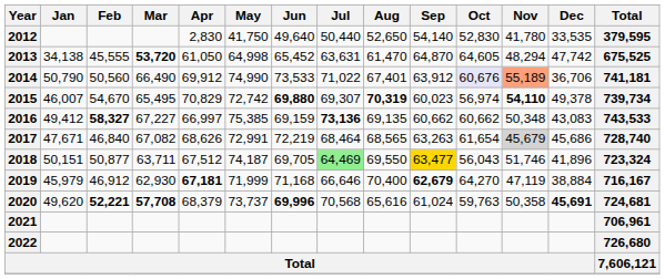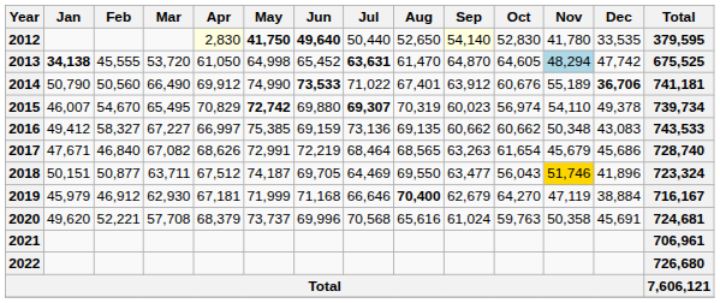 <table class=wikitable style="text-align:right; font-size:0.9em; width:350px;">
 <tr>
 <th>Year</th>
 <th>Jan</th>
 <th>Feb</th>
 <th>Mar</th>
 <th>Apr</th>
 <th>May</th>
 <th>Jun</th>
 <th>Jul</th>
 <th>Aug</th>
 <th>Sep</th>
 <th>Oct</th>
 <th>Nov</th>
 <th>Dec</th>
 <th>Total</th>
 </tr>
 <tr>
 <th>2012</th>
 <td></td>
 <td></td>
 <td></td>
-<td>2,830</td>
-<td>41,750</td>
-<td>49,640</td>
+<td style="background: lightyellow;">2,830</td>
+<td><strong>41,750</strong></td>
+<td><strong>49,640</strong></td>
 <td>50,440</td>
 <td>52,650</td>
-<td>54,140</td>
+<td style="background: lightyellow;">54,140</td>
 <td>52,830</td>
 <td>41,780</td>
 <td>33,535</td>
 <th>379,595</th>
 </tr>
 <tr>
 <th>2013</th>
-<td>34,138</td>
+<td><strong>34,138</strong></td>
 <td>45,555</td>
-<td><strong>53,720</strong></td>
+<td>53,720</td>
 <td>61,050</td>
 <td>64,998</td>
 <td>65,452</td>
-<td>63,631</td>
+<td><strong>63,631</strong></td>
 <td>61,470</td>
 <td>64,870</td>
 <td>64,605</td>
-<td>48,294</td>
+<td style="background: lightblue;">48,294</td>
 <td>47,742</td>
 <th>675,525</th>
 </tr>
 <tr>
 <th>2014</th>
 <td>50,790</td>
 <td>50,560</td>
 <td>66,490</td>
 <td>69,912</td>
 <td>74,990</td>
-<td>73,533</td>
+<td><strong>73,533</strong></td>
 <td>71,022</td>
 <td>67,401</td>
 <td>63,912</td>
-<td style="background: lavender;">60,676</td>
-<td style="background: lightsalmon;">55,189</td>
-<td>36,706</td>
+<td>60,676</td>
+<td>55,189</td>
+<td><strong>36,706</strong></td>
 <th>741,181</th>
 </tr>
 <tr>
 <th>2015</th>
 <td>46,007</td>
 <td>54,670</td>
 <td>65,495</td>
 <td>70,829</td>
-<td>72,742</td>
-<td><strong>69,880</strong></td>
-<td>69,307</td>
-<td><strong>70,319</strong></td>
+<td><strong>72,742</strong></td>
+<td>69,880</td>
+<td><strong>69,307</strong></td>
+<td>70,319</td>
 <td>60,023</td>
 <td>56,974</td>
-<td><strong>54,110</strong></td>
+<td>54,110</td>
 <td>49,378</td>
 <th>739,734</th>
 </tr>
 <tr>
 <th>2016</th>
 <td>49,412</td>
-<td><strong>58,327</strong></td>
+<td>58,327</td>
 <td>67,227</td>
 <td>66,997</td>
 <td>75,385</td>
 <td>69,159</td>
-<td><strong>73,136</strong></td>
+<td>73,136</td>
 <td>69,135</td>
 <td>60,662</td>
 <td>60,662</td>
 <td>50,348</td>
 <td>43,083</td>
 <th>743,533</th>
 </tr>
 <tr>
 <th>2017</th>
 <td>47,671</td>
 <td>46,840</td>
 <td>67,082</td>
 <td>68,626</td>
 <td>72,991</td>
 <td>72,219</td>
 <td>68,464</td>
 <td>68,565</td>
 <td>63,263</td>
 <td>61,654</td>
-<td style="background: lightgrey;">45,679</td>
+<td>45,679</td>
 <td>45,686</td>
 <th>728,740</th>
 </tr>
 <tr>
 <th>2018</th>
 <td>50,151</td>
 <td>50,877</td>
 <td>63,711</td>
 <td>67,512</td>
 <td>74,187</td>
 <td>69,705</td>
-<td style="background: lightgreen;">64,469</td>
+<td>64,469</td>
 <td>69,550</td>
-<td style="background: gold;">63,477</td>
+<td>63,477</td>
 <td>56,043</td>
-<td>51,746</td>
+<td style="background: gold;">51,746</td>
 <td>41,896</td>
 <th>723,324</th>
 </tr>
 <tr>
 <th>2019</th>
 <td>45,979</td>
 <td>46,912</td>
 <td>62,930</td>
-<td><strong>67,181</strong></td>
+<td>67,181</td>
 <td>71,999</td>
 <td>71,168</td>
 <td>66,646</td>
-<td>70,400</td>
-<td><strong>62,679</strong></td>
+<td><strong>70,400</strong></td>
+<td>62,679</td>
 <td>64,270</td>
 <td>47,119</td>
 <td>38,884</td>
 <th>716,167</th>
 </tr>
 <tr>
 <th>2020</th>
 <td>49,620</td>
-<td><strong>52,221</strong></td>
-<td><strong>57,708</strong></td>
+<td>52,221</td>
+<td>57,708</td>
 <td>68,379</td>
 <td>73,737</td>
-<td><strong>69,996</strong></td>
+<td>69,996</td>
 <td>70,568</td>
 <td>65,616</td>
 <td>61,024</td>
 <td>59,763</td>
 <td>50,358</td>
-<td><strong>45,691</strong></td>
+<td>45,691</td>
 <th>724,681</th>
 </tr>
 <tr>
 <th>2021</th>
 <td></td>
 <td></td>
 <td></td>
 <td></td>
 <td></td>
 <td></td>
 <td></td>
 <td></td>
 <td></td>
 <td></td>
 <td></td>
 <td></td>
 <th>706,961</th>
 </tr>
 <tr>
 <th>2022</th>
 <td></td>
 <td></td>
 <td></td>
 <td></td>
 <td></td>
 <td></td>
 <td></td>
 <td></td>
 <td></td>
 <td></td>
 <td></td>
 <td></td>
 <th>726,680</th>
 </tr>
 <tr>
 <th colspan=13>Total</th>
 <th>7,606,121</th>
 </tr>
 <tr>
 </tr>
 </table>
